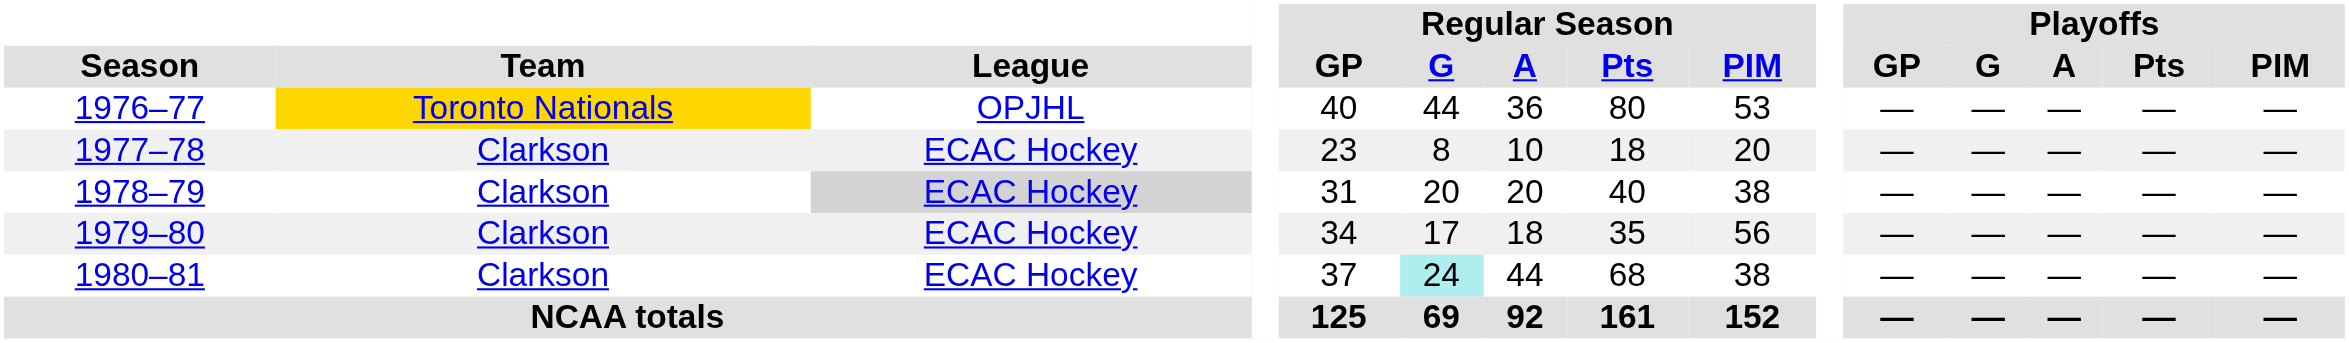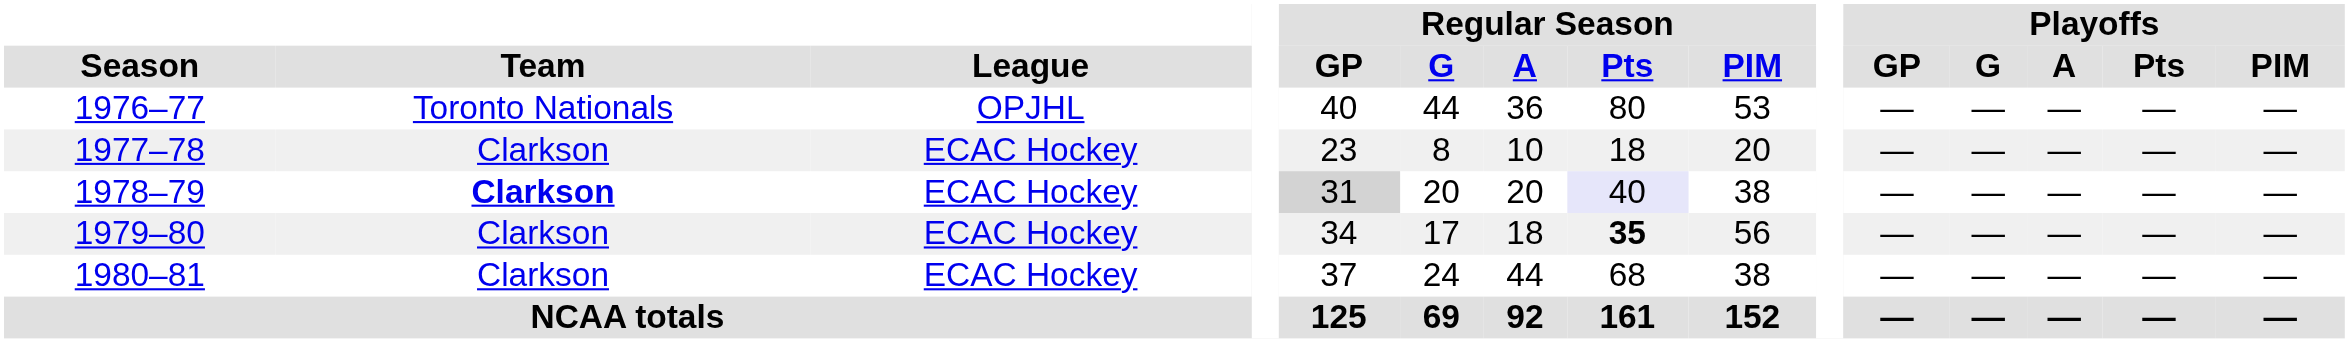 <table border="0" cellpadding="1" cellspacing="0" style="text-align:center; width:70em">
 <tr bgcolor="#e0e0e0">
 <th colspan="3"  bgcolor="#ffffff"> </th>
 <th rowspan="99" bgcolor="#ffffff"> </th>
 <th colspan="5">Regular Season</th>
 <th rowspan="99" bgcolor="#ffffff"> </th>
 <th colspan="5">Playoffs</th>
 </tr>
 <tr bgcolor="#e0e0e0">
 <th>Season</th>
 <th>Team</th>
 <th>League</th>
 <th>GP</th>
 <th><a href='#'>G</a></th>
 <th><a href='#'>A</a></th>
 <th><a href='#'>Pts</a></th>
 <th><a href='#'>PIM</a></th>
 <th>GP</th>
 <th>G</th>
 <th>A</th>
 <th>Pts</th>
 <th>PIM</th>
 </tr>
 <tr>
 <td><a href='#'>1976–77</a></td>
-<td style="background: gold;"><a href='#'>Toronto Nationals</a></td>
+<td><a href='#'>Toronto Nationals</a></td>
 <td><a href='#'>OPJHL</a></td>
 <td>40</td>
 <td>44</td>
 <td>36</td>
 <td>80</td>
 <td>53</td>
 <td>—</td>
 <td>—</td>
 <td>—</td>
 <td>—</td>
 <td>—</td>
 </tr>
 <tr bgcolor="f0f0f0">
 <td><a href='#'>1977–78</a></td>
 <td><a href='#'>Clarkson</a></td>
 <td><a href='#'>ECAC Hockey</a></td>
 <td>23</td>
 <td>8</td>
 <td>10</td>
 <td>18</td>
 <td>20</td>
 <td>—</td>
 <td>—</td>
 <td>—</td>
 <td>—</td>
 <td>—</td>
 </tr>
 <tr>
 <td><a href='#'>1978–79</a></td>
-<td><a href='#'>Clarkson</a></td>
-<td style="background: lightgrey;"><a href='#'>ECAC Hockey</a></td>
-<td>31</td>
+<td><strong><a href='#'>Clarkson</a></strong></td>
+<td><a href='#'>ECAC Hockey</a></td>
+<td style="background: lightgrey;">31</td>
 <td>20</td>
 <td>20</td>
-<td>40</td>
+<td style="background: lavender;">40</td>
 <td>38</td>
 <td>—</td>
 <td>—</td>
 <td>—</td>
 <td>—</td>
 <td>—</td>
 </tr>
 <tr bgcolor="f0f0f0">
 <td><a href='#'>1979–80</a></td>
 <td><a href='#'>Clarkson</a></td>
 <td><a href='#'>ECAC Hockey</a></td>
 <td>34</td>
 <td>17</td>
 <td>18</td>
-<td>35</td>
+<td><strong>35</strong></td>
 <td>56</td>
 <td>—</td>
 <td>—</td>
 <td>—</td>
 <td>—</td>
 <td>—</td>
 </tr>
 <tr>
 <td><a href='#'>1980–81</a></td>
 <td><a href='#'>Clarkson</a></td>
 <td><a href='#'>ECAC Hockey</a></td>
 <td>37</td>
-<td style="background: paleturquoise;">24</td>
+<td>24</td>
 <td>44</td>
 <td>68</td>
 <td>38</td>
 <td>—</td>
 <td>—</td>
 <td>—</td>
 <td>—</td>
 <td>—</td>
 </tr>
 <tr bgcolor="#e0e0e0">
 <th colspan="3">NCAA totals</th>
 <th>125</th>
 <th>69</th>
 <th>92</th>
 <th>161</th>
 <th>152</th>
 <th>—</th>
 <th>—</th>
 <th>—</th>
 <th>—</th>
 <th>—</th>
 </tr>
 </table>
